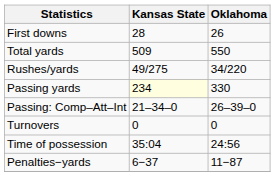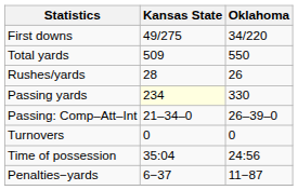 <table class="wikitable" style="float: left;">
 <tr>
 <th>Statistics</th>
 <th>Kansas State</th>
 <th>Oklahoma</th>
 </tr>
 <tr>
 <td>First downs</td>
-<td>28</td>
-<td>26</td>
+<td>49/275</td>
+<td>34/220</td>
 </tr>
 <tr>
 <td>Total yards</td>
 <td>509</td>
 <td>550</td>
 </tr>
 <tr>
 <td>Rushes/yards</td>
-<td>49/275</td>
-<td>34/220</td>
+<td>28</td>
+<td>26</td>
 </tr>
 <tr>
 <td>Passing yards</td>
 <td style="background: lightyellow;">234</td>
 <td>330</td>
 </tr>
 <tr>
 <td>Passing: Comp–Att–Int</td>
 <td>21–34–0</td>
 <td>26–39–0</td>
 </tr>
 <tr>
 <td>Turnovers</td>
 <td>0</td>
 <td>0</td>
 </tr>
 <tr>
 <td>Time of possession</td>
 <td>35:04</td>
 <td>24:56</td>
 </tr>
 <tr>
 <td>Penalties−yards</td>
 <td>6−37</td>
 <td>11−87</td>
 </tr>
 <tr>
 </tr>
 </table>
